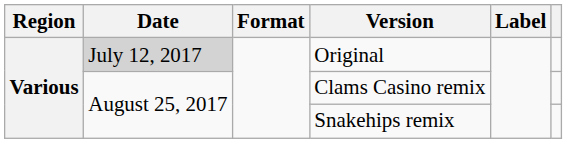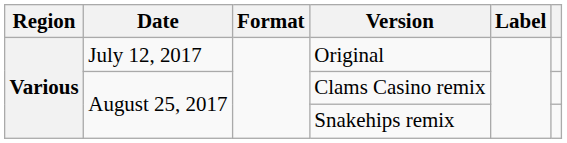 <table class="wikitable plainrowheaders">
 <tr>
 <th scope="col">Region</th>
 <th scope="col">Date</th>
 <th scope="col">Format</th>
 <th scope="col">Version</th>
 <th scope="col">Label</th>
 <th scope="col"></th>
 </tr>
 <tr>
 <th scope="row" rowspan="3">Various</th>
-<td style="background: lightgrey;">July 12, 2017</td>
+<td>July 12, 2017</td>
 <td rowspan="3"></td>
 <td>Original</td>
 <td rowspan="3"></td>
 <td></td>
 </tr>
 <tr>
 <td rowspan="2">August 25, 2017</td>
 <td>Clams Casino remix</td>
 <td></td>
 </tr>
 <tr>
 <td>Snakehips remix</td>
 <td></td>
 </tr>
 </table>
